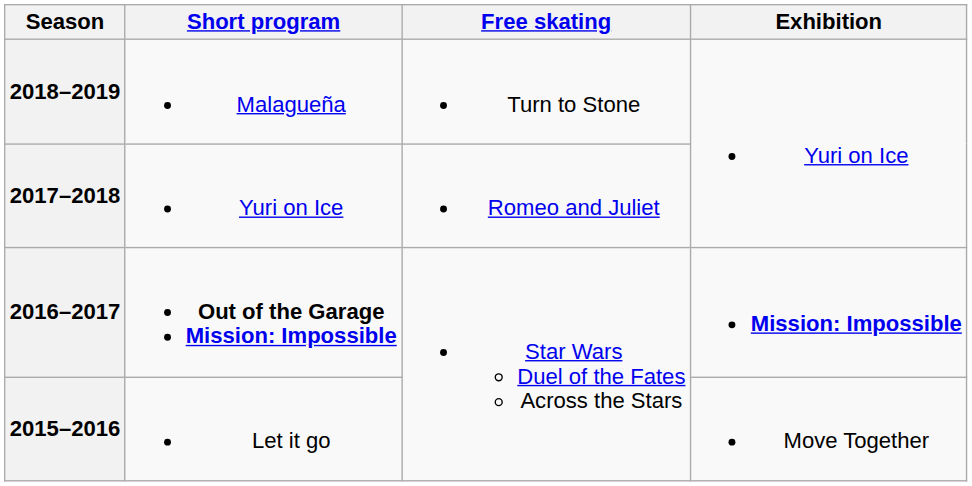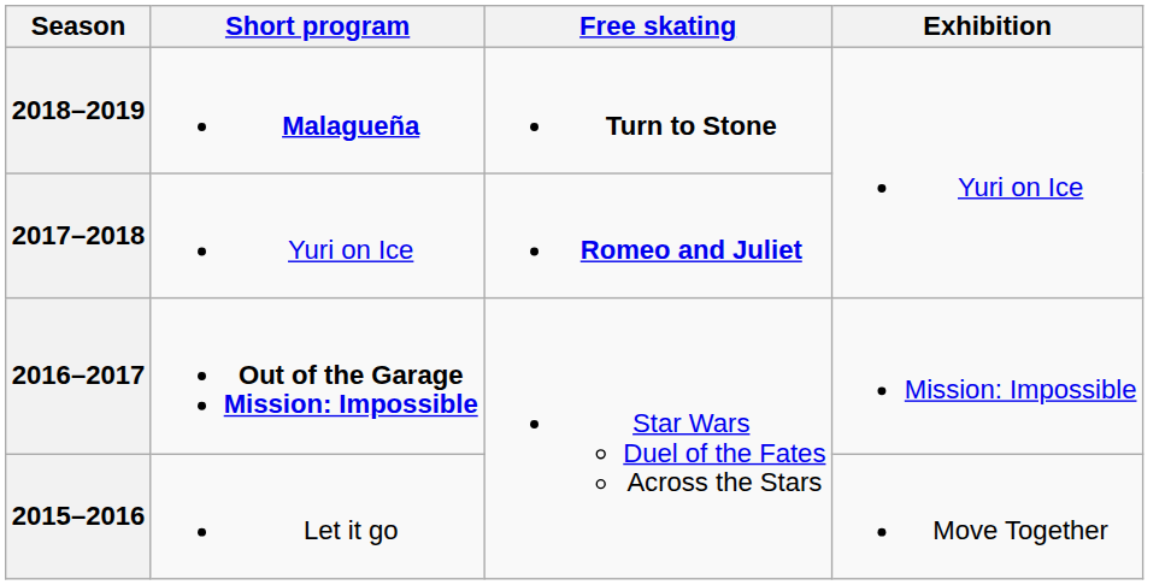 <table class=wikitable style=text-align:center>
 <tr>
 <th>Season</th>
 <th><a href='#'>Short program</a></th>
 <th><a href='#'>Free skating</a></th>
 <th>Exhibition</th>
 </tr>
 <tr>
 <th>2018–2019 <br> </th>
-<td><br><ul><li><a href='#'>Malagueña</a> <br></li></ul></td>
-<td><br><ul><li>Turn to Stone <br></li></ul></td>
+<td><strong><br><ul><li><a href='#'>Malagueña</a> <br></li></ul></strong></td>
+<td><strong><br><ul><li>Turn to Stone <br></li></ul></strong></td>
 <td rowspan=2><br><ul><li><a href='#'>Yuri on Ice</a> <br></li></ul></td>
 </tr>
 <tr>
 <th>2017–2018 <br> </th>
 <td><br><ul><li><a href='#'>Yuri on Ice</a> <br></li></ul></td>
-<td><br><ul><li><a href='#'>Romeo and Juliet</a><br></li></ul></td>
+<td><strong><br><ul><li><a href='#'>Romeo and Juliet</a><br></li></ul></strong></td>
 </tr>
 <tr>
 <th>2016–2017 <br> </th>
 <td><strong><br><ul><li>Out of the Garage <br></li><li><a href='#'>Mission: Impossible</a></li></ul></strong></td>
 <td rowspan=2><br><ul><li><a href='#'>Star Wars</a> <br><ul><li><a href='#'>Duel of the Fates</a></li><li>Across the Stars</li></ul></li></ul></td>
-<td><strong><br><ul><li><a href='#'>Mission: Impossible</a></li></ul></strong></td>
+<td><br><ul><li><a href='#'>Mission: Impossible</a></li></ul></td>
 </tr>
 <tr>
 <th>2015–2016<br></th>
 <td><br><ul><li>Let it go <br></li></ul></td>
 <td><br><ul><li>Move Together</li></ul></td>
 </tr>
 </table>
